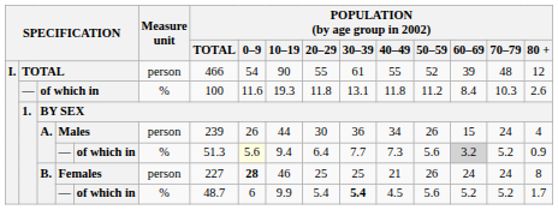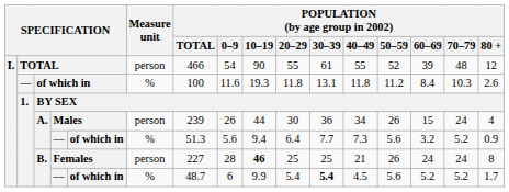 <table class="wikitable" style="font-size:85%; text-align:center">
 <tr>
 <th rowspan="2" colspan="5">SPECIFICATION</th>
 <th rowspan="2">Measure<br> unit</th>
 <th colspan="10" rowspan="1">POPULATION<br> (by age group in 2002)</th>
 </tr>
 <tr>
 <th>TOTAL</th>
 <th>0–9</th>
 <th>10–19</th>
 <th>20–29</th>
 <th>30–39</th>
 <th>40–49</th>
 <th>50–59</th>
 <th>60–69</th>
 <th>70–79</th>
 <th>80 +</th>
 </tr>
 <tr>
 <th style="text-align:left" valign="top" rowspan="7">I.</th>
 <th style="text-align:left" colspan="4">TOTAL</th>
 <td>person</td>
 <td>466</td>
 <td>54</td>
 <td>90</td>
 <td>55</td>
 <td>61</td>
 <td>55</td>
 <td>52</td>
 <td>39</td>
 <td>48</td>
 <td>12</td>
 </tr>
 <tr>
 <th style="text-align:left" valign="top">—</th>
 <th style="text-align:left" colspan="3">of which in</th>
 <td>%</td>
 <td>100</td>
 <td>11.6</td>
 <td>19.3</td>
 <td>11.8</td>
 <td>13.1</td>
 <td>11.8</td>
 <td>11.2</td>
 <td>8.4</td>
 <td>10.3</td>
 <td>2.6</td>
 </tr>
 <tr>
 <th style="text-align:left" valign="top" rowspan="5">1.</th>
 <th style="text-align:left" colspan="14">BY SEX</th>
 </tr>
 <tr>
 <th style="text-align:left" valign="top" rowspan="2">A.</th>
 <th style="text-align:left" colspan="2">Males</th>
 <td>person</td>
 <td>239</td>
 <td>26</td>
 <td>44</td>
 <td>30</td>
 <td>36</td>
 <td>34</td>
 <td>26</td>
 <td>15</td>
 <td>24</td>
 <td>4</td>
 </tr>
 <tr>
 <th style="text-align:left" valign="top">—</th>
 <th style="text-align:left" colspan="1">of which in</th>
 <td>%</td>
 <td>51.3</td>
-<td style="background: lightyellow;">5.6</td>
+<td>5.6</td>
 <td>9.4</td>
 <td>6.4</td>
 <td>7.7</td>
 <td>7.3</td>
 <td>5.6</td>
-<td style="background: lightgrey;">3.2</td>
+<td>3.2</td>
 <td>5.2</td>
 <td>0.9</td>
 </tr>
 <tr>
 <th style="text-align:left" valign="top" rowspan="2">B.</th>
 <th style="text-align:left" colspan="2">Females</th>
 <td>person</td>
 <td>227</td>
-<td><strong>28</strong></td>
-<td>46</td>
+<td>28</td>
+<td><strong>46</strong></td>
 <td>25</td>
 <td>25</td>
 <td>21</td>
 <td>26</td>
 <td>24</td>
 <td>24</td>
 <td>8</td>
 </tr>
 <tr>
 <th style="text-align:left" valign="top">—</th>
 <th style="text-align:left" colspan="1">of which in</th>
 <td>%</td>
 <td>48.7</td>
 <td>6</td>
 <td>9.9</td>
 <td>5.4</td>
 <td><strong>5.4</strong></td>
 <td>4.5</td>
 <td>5.6</td>
 <td>5.2</td>
 <td>5.2</td>
 <td>1.7</td>
 </tr>
 </table>
